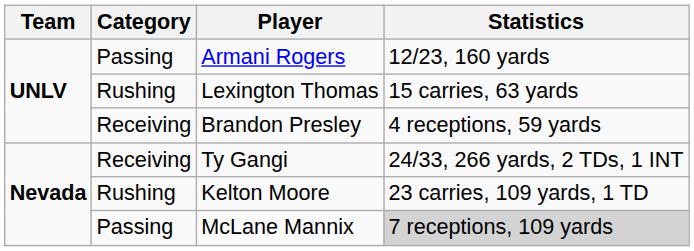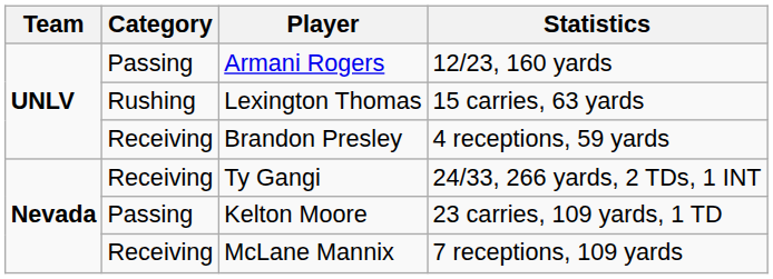 <table class="wikitable" style="float: left;">
 <tr>
 <th>Team</th>
 <th>Category</th>
 <th>Player</th>
 <th>Statistics</th>
 </tr>
 <tr>
 <td rowspan=3><strong>UNLV</strong></td>
 <td>Passing</td>
 <td><a href='#'>Armani Rogers</a></td>
 <td>12/23, 160 yards</td>
 </tr>
 <tr>
 <td>Rushing</td>
 <td>Lexington Thomas</td>
 <td>15 carries, 63 yards</td>
 </tr>
 <tr>
 <td>Receiving</td>
 <td>Brandon Presley</td>
 <td>4 receptions, 59 yards</td>
 </tr>
 <tr>
 <td rowspan=3><strong>Nevada</strong></td>
 <td>Receiving</td>
 <td>Ty Gangi</td>
 <td>24/33, 266 yards, 2 TDs, 1 INT</td>
 </tr>
 <tr>
-<td>Rushing</td>
+<td>Passing</td>
 <td>Kelton Moore</td>
 <td>23 carries, 109 yards, 1 TD</td>
 </tr>
 <tr>
-<td>Passing</td>
+<td>Receiving</td>
 <td>McLane Mannix</td>
-<td style="background: lightgrey;">7 receptions, 109 yards</td>
+<td>7 receptions, 109 yards</td>
 </tr>
 </table>
